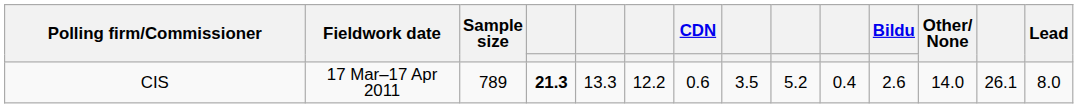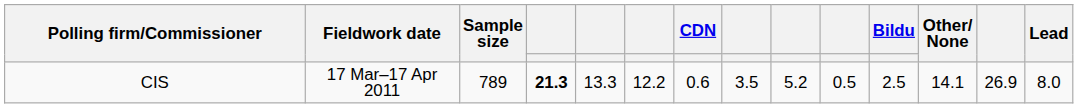 <table class="wikitable collapsible collapsed" style="text-align:center; font-size:90%; line-height:14px;">
 <tr style="height:42px;">
 <th style="width:250px;" rowspan="2">Polling firm/Commissioner</th>
 <th style="width:125px;" rowspan="2">Fieldwork date</th>
 <th style="width:50px;" rowspan="2">Sample size</th>
 <th style="width:35px;"></th>
 <th style="width:35px;"></th>
 <th style="width:35px;"></th>
 <th style="width:35px;"><a href='#'>CDN</a></th>
 <th style="width:35px;"></th>
 <th style="width:35px;"></th>
 <th style="width:35px;"></th>
 <th style="width:35px;"><a href='#'>Bildu</a></th>
 <th style="width:35px;" rowspan="2">Other/<br>None</th>
 <th style="width:35px;" rowspan="2"></th>
 <th style="width:30px;" rowspan="2">Lead</th>
 </tr>
 <tr>
 <th style="color:inherit;background:"></th>
 <th style="color:inherit;background:"></th>
 <th style="color:inherit;background:"></th>
 <th style="color:inherit;background:"></th>
 <th style="color:inherit;background:"></th>
 <th style="color:inherit;background:"></th>
 <th style="color:inherit;background:"></th>
 <th style="color:inherit;background:"></th>
 </tr>
 <tr>
 <td>CIS</td>
 <td>17 Mar–17 Apr 2011</td>
 <td>789</td>
 <td><strong>21.3</strong></td>
 <td>13.3</td>
 <td>12.2</td>
 <td>0.6</td>
 <td>3.5</td>
 <td>5.2</td>
-<td>0.4</td>
-<td>2.6</td>
-<td>14.0</td>
-<td>26.1</td>
+<td>0.5</td>
+<td>2.5</td>
+<td>14.1</td>
+<td>26.9</td>
 <td style="background:">8.0</td>
 </tr>
 </table>
